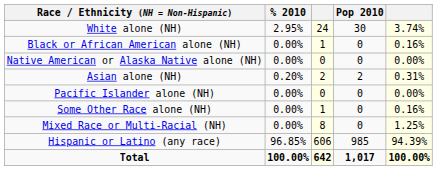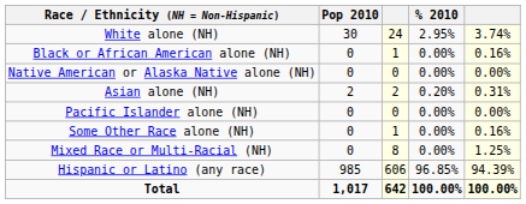 <table class="wikitable" style="text-align:center;">
 <tr>
 <th>Race / Ethnicity <small>(<em>NH = Non-Hispanic</em>)</small></th>
+<th>Pop 2010</th>
+<th></th>
 <th>% 2010</th>
-<th></th>
-<th>Pop 2010</th>
 <th></th>
 </tr>
 <tr>
 <td><a href='#'>White</a> alone (NH)</td>
+<td>30</td>
+<td style='background: #ffffe6;'>24</td>
 <td>2.95%</td>
-<td style='background: #ffffe6;'>24</td>
-<td>30</td>
 <td style='background: #ffffe6;'>3.74%</td>
 </tr>
 <tr>
 <td><a href='#'>Black or African American</a> alone (NH)</td>
+<td>0</td>
+<td style='background: #ffffe6;'>1</td>
 <td>0.00%</td>
-<td style='background: #ffffe6;'>1</td>
-<td>0</td>
 <td style='background: #ffffe6;'>0.16%</td>
 </tr>
 <tr>
 <td><a href='#'>Native American</a> or <a href='#'>Alaska Native</a> alone (NH)</td>
+<td>0</td>
+<td style='background: #ffffe6;'>0</td>
 <td>0.00%</td>
-<td style='background: #ffffe6;'>0</td>
-<td>0</td>
 <td style='background: #ffffe6;'>0.00%</td>
 </tr>
 <tr>
 <td><a href='#'>Asian</a> alone (NH)</td>
+<td>2</td>
+<td style='background: #ffffe6;'>2</td>
 <td>0.20%</td>
-<td style='background: #ffffe6;'>2</td>
-<td>2</td>
 <td style='background: #ffffe6;'>0.31%</td>
 </tr>
 <tr>
 <td><a href='#'>Pacific Islander</a> alone (NH)</td>
+<td>0</td>
+<td style='background: #ffffe6;'>0</td>
 <td>0.00%</td>
-<td style='background: #ffffe6;'>0</td>
-<td>0</td>
 <td style='background: #ffffe6;'>0.00%</td>
 </tr>
 <tr>
 <td><a href='#'>Some Other Race</a> alone (NH)</td>
+<td>0</td>
+<td style='background: #ffffe6;'>1</td>
 <td>0.00%</td>
-<td style='background: #ffffe6;'>1</td>
-<td>0</td>
 <td style='background: #ffffe6;'>0.16%</td>
 </tr>
 <tr>
 <td><a href='#'>Mixed Race or Multi-Racial</a> (NH)</td>
+<td>0</td>
+<td style='background: #ffffe6;'>8</td>
 <td>0.00%</td>
-<td style='background: #ffffe6;'>8</td>
-<td>0</td>
 <td style='background: #ffffe6;'>1.25%</td>
 </tr>
 <tr>
 <td><a href='#'>Hispanic or Latino</a> (any race)</td>
+<td>985</td>
+<td style='background: #ffffe6;'>606</td>
 <td>96.85%</td>
-<td style='background: #ffffe6;'>606</td>
-<td>985</td>
 <td style='background: #ffffe6;'>94.39%</td>
 </tr>
 <tr>
 <td><strong>Total</strong></td>
+<td><strong>1,017</strong></td>
+<td style='background: #ffffe6;'><strong>642</strong></td>
 <td><strong>100.00%</strong></td>
-<td style='background: #ffffe6;'><strong>642</strong></td>
-<td><strong>1,017</strong></td>
 <td style='background: #ffffe6;'><strong>100.00%</strong></td>
 </tr>
 </table>
